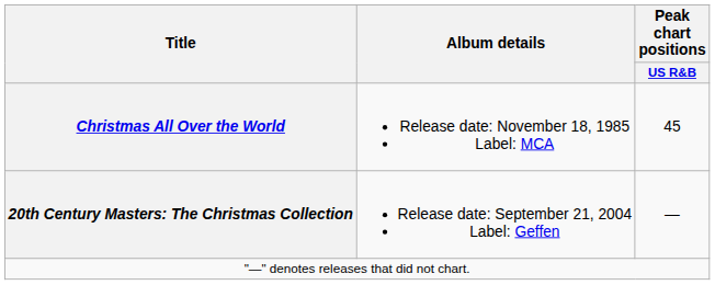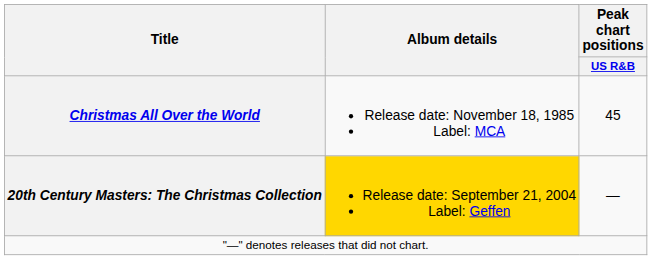 <table class="wikitable plainrowheaders" style="text-align:center;">
 <tr>
 <th rowspan="2">Title</th>
 <th rowspan="2">Album details</th>
 <th colspan="1">Peak chart positions</th>
 </tr>
 <tr style="font-size:smaller;">
 <th width="30"><a href='#'>US R&B</a><br></th>
 </tr>
 <tr>
 <th scope="row"><em><a href='#'>Christmas All Over the World</a></em></th>
 <td><br><ul><li>Release date: November 18, 1985</li><li>Label: <a href='#'>MCA</a></li></ul></td>
 <td>45</td>
 </tr>
 <tr>
 <th scope="row"><em>20th Century Masters: The Christmas Collection</em></th>
-<td><br><ul><li>Release date: September 21, 2004</li><li>Label: <a href='#'>Geffen</a></li></ul></td>
+<td style="background: gold;"><br><ul><li>Release date: September 21, 2004</li><li>Label: <a href='#'>Geffen</a></li></ul></td>
 <td>—</td>
 </tr>
 <tr>
 <td colspan="11" style="text-align:center; font-size:85%">"—" denotes releases that did not chart.</td>
 </tr>
 </table>
